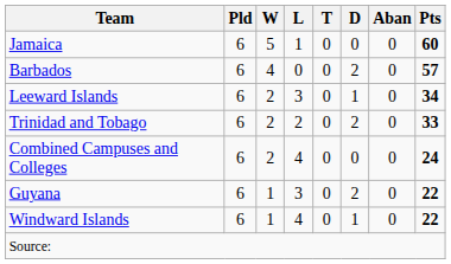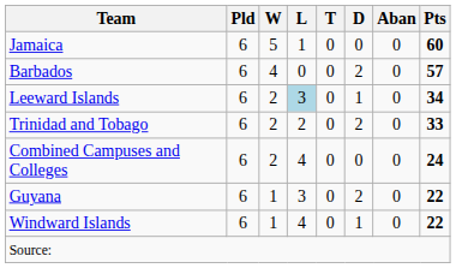 <table class="wikitable" style="text-align: center;">
 <tr>
 <th width=205>Team</th>
 <th width=20>Pld</th>
 <th width=20>W</th>
 <th width=20>L</th>
 <th width=20>T</th>
 <th width=20>D</th>
 <th width=20>Aban</th>
 <th width=20>Pts</th>
 </tr>
 <tr>
 <td align=left><a href='#'>Jamaica</a></td>
 <td>6</td>
 <td>5</td>
 <td>1</td>
 <td>0</td>
 <td>0</td>
 <td>0</td>
 <td><strong>60</strong></td>
 </tr>
 <tr>
 <td align=left><a href='#'>Barbados</a></td>
 <td>6</td>
 <td>4</td>
 <td>0</td>
 <td>0</td>
 <td>2</td>
 <td>0</td>
 <td><strong>57</strong></td>
 </tr>
 <tr>
 <td align=left><a href='#'>Leeward Islands</a></td>
 <td>6</td>
 <td>2</td>
-<td>3</td>
+<td style="background: lightblue;">3</td>
 <td>0</td>
 <td>1</td>
 <td>0</td>
 <td><strong>34</strong></td>
 </tr>
 <tr>
 <td align=left><a href='#'>Trinidad and Tobago</a></td>
 <td>6</td>
 <td>2</td>
 <td>2</td>
 <td>0</td>
 <td>2</td>
 <td>0</td>
 <td><strong>33</strong></td>
 </tr>
 <tr>
 <td align=left><a href='#'>Combined Campuses and Colleges</a></td>
 <td>6</td>
 <td>2</td>
 <td>4</td>
 <td>0</td>
 <td>0</td>
 <td>0</td>
 <td><strong>24</strong></td>
 </tr>
 <tr>
 <td align=left><a href='#'>Guyana</a></td>
 <td>6</td>
 <td>1</td>
 <td>3</td>
 <td>0</td>
 <td>2</td>
 <td>0</td>
 <td><strong>22</strong></td>
 </tr>
 <tr>
 <td align=left><a href='#'>Windward Islands</a></td>
 <td>6</td>
 <td>1</td>
 <td>4</td>
 <td>0</td>
 <td>1</td>
 <td>0</td>
 <td><strong>22</strong></td>
 </tr>
 <tr>
 <td align=left colspan="11"><small>Source:</small></td>
 </tr>
 </table>
